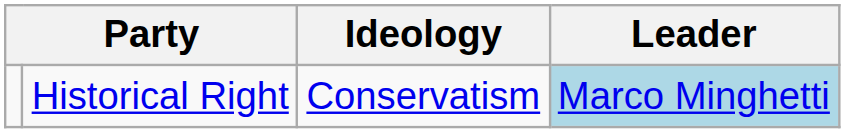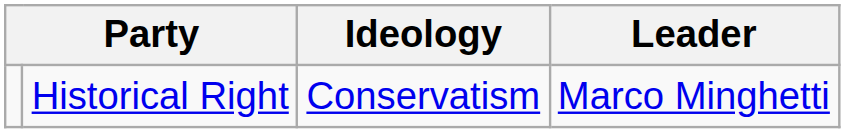 <table class=wikitable style="font-size:100%">
 <tr>
 <th colspan=2>Party</th>
 <th>Ideology</th>
 <th>Leader</th>
 </tr>
 <tr>
 <td style="color:inherit;background:"></td>
 <td><a href='#'>Historical Right</a></td>
 <td><a href='#'>Conservatism</a></td>
-<td style="background: lightblue;"><a href='#'>Marco Minghetti</a></td>
+<td><a href='#'>Marco Minghetti</a></td>
 </tr>
 </table>
